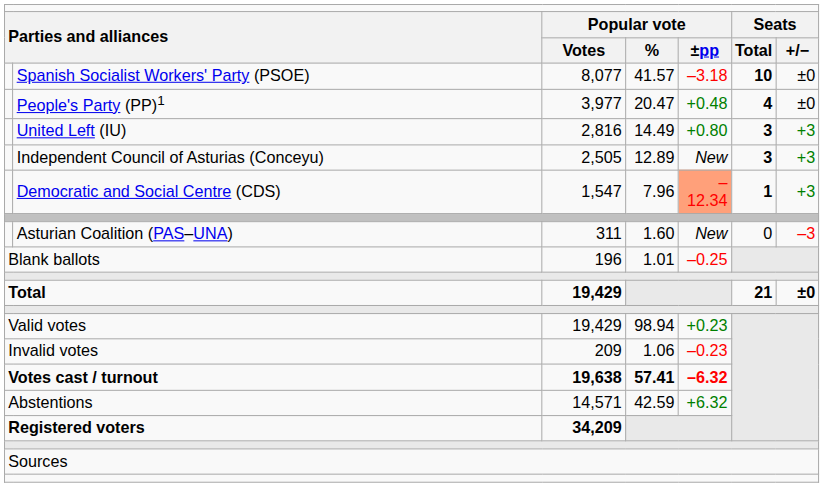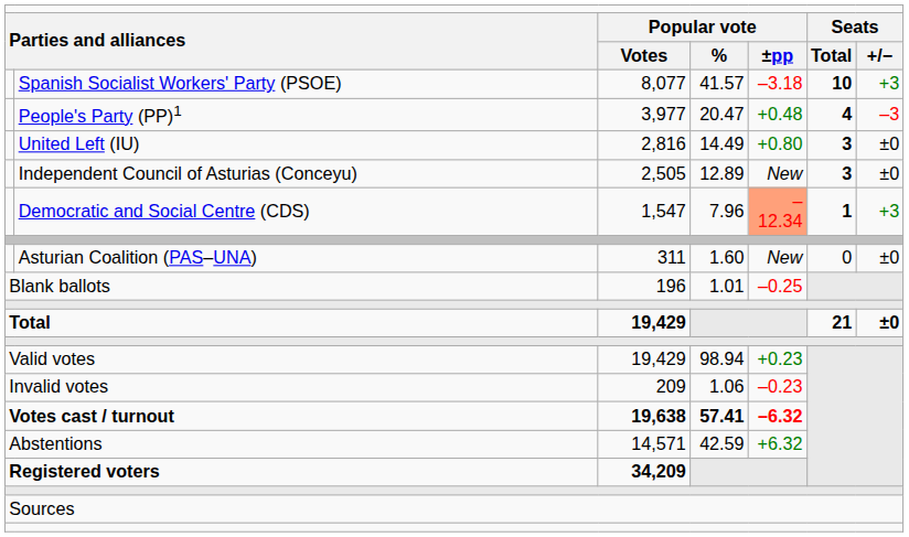 <table class="wikitable" style="text-align:right;">
 <tr>
 <td colspan="7"></td>
 </tr>
 <tr>
 <th style="text-align:left;" rowspan="2" colspan="2" width="525">Parties and alliances</th>
 <th colspan="3">Popular vote</th>
 <th colspan="2">Seats</th>
 </tr>
 <tr>
 <th width="75">Votes</th>
 <th width="45">%</th>
 <th width="45">±<a href='#'>pp</a></th>
 <th width="35">Total</th>
 <th width="35">+/−</th>
 </tr>
 <tr>
 <td width="1" style="color:inherit;background:"></td>
 <td align="left"><a href='#'>Spanish Socialist Workers' Party</a> (PSOE)</td>
 <td>8,077</td>
 <td>41.57</td>
 <td style="color:red;">–3.18</td>
 <td><strong>10</strong></td>
-<td>±0</td>
+<td style="color:green;">+3</td>
 </tr>
 <tr>
 <td style="color:inherit;background:"></td>
 <td align="left"><a href='#'>People's Party</a> (PP)<sup>1</sup></td>
 <td>3,977</td>
 <td>20.47</td>
 <td style="color:green;">+0.48</td>
 <td><strong>4</strong></td>
-<td>±0</td>
+<td style="color:red;">–3</td>
 </tr>
 <tr>
 <td style="color:inherit;background:"></td>
 <td align="left"><a href='#'>United Left</a> (IU)</td>
 <td>2,816</td>
 <td>14.49</td>
 <td style="color:green;">+0.80</td>
 <td><strong>3</strong></td>
-<td style="color:green;">+3</td>
+<td>±0</td>
 </tr>
 <tr>
 <td style="color:inherit;background:"></td>
 <td align="left">Independent Council of Asturias (Conceyu)</td>
 <td>2,505</td>
 <td>12.89</td>
 <td><em>New</em></td>
 <td><strong>3</strong></td>
-<td style="color:green;">+3</td>
+<td>±0</td>
 </tr>
 <tr>
 <td style="color:inherit;background:"></td>
 <td align="left"><a href='#'>Democratic and Social Centre</a> (CDS)</td>
 <td>1,547</td>
 <td>7.96</td>
 <td style="background: lightsalmon; color:red;">–12.34</td>
 <td><strong>1</strong></td>
 <td style="color:green;">+3</td>
 </tr>
 <tr>
 <td colspan="7" bgcolor="#C0C0C0"></td>
 </tr>
 <tr>
 <td style="color:inherit;background:"></td>
 <td align="left">Asturian Coalition (<a href='#'>PAS</a>–<a href='#'>UNA</a>)</td>
 <td>311</td>
 <td>1.60</td>
 <td><em>New</em></td>
 <td>0</td>
-<td style="color:red;">–3</td>
+<td>±0</td>
 </tr>
 <tr>
 <td align="left" colspan="2">Blank ballots</td>
 <td>196</td>
 <td>1.01</td>
 <td style="color:red;">–0.25</td>
 <td bgcolor="#E9E9E9" colspan="2"></td>
 </tr>
 <tr>
 <td colspan="7" bgcolor="#E9E9E9"></td>
 </tr>
 <tr style="font-weight:bold;">
 <td align="left" colspan="2">Total</td>
 <td>19,429</td>
 <td bgcolor="#E9E9E9" colspan="2"></td>
 <td>21</td>
 <td>±0</td>
 </tr>
 <tr>
 <td colspan="7" bgcolor="#E9E9E9"></td>
 </tr>
 <tr>
 <td align="left" colspan="2">Valid votes</td>
 <td>19,429</td>
 <td>98.94</td>
 <td style="color:green;">+0.23</td>
 <td bgcolor="#E9E9E9" colspan="2" rowspan="5"></td>
 </tr>
 <tr>
 <td align="left" colspan="2">Invalid votes</td>
 <td>209</td>
 <td>1.06</td>
 <td style="color:red;">–0.23</td>
 </tr>
 <tr style="font-weight:bold;">
 <td align="left" colspan="2">Votes cast / turnout</td>
 <td>19,638</td>
 <td>57.41</td>
 <td style="color:red;">–6.32</td>
 </tr>
 <tr>
 <td align="left" colspan="2">Abstentions</td>
 <td>14,571</td>
 <td>42.59</td>
 <td style="color:green;">+6.32</td>
 </tr>
 <tr style="font-weight:bold;">
 <td align="left" colspan="2">Registered voters</td>
 <td>34,209</td>
 <td bgcolor="#E9E9E9" colspan="2"></td>
 </tr>
 <tr>
 <td colspan="7" bgcolor="#E9E9E9"></td>
 </tr>
 <tr>
 <td align="left" colspan="7">Sources</td>
 </tr>
 <tr>
 <td colspan="7" style="text-align:left; max-width:790px;"></td>
 </tr>
 </table>
